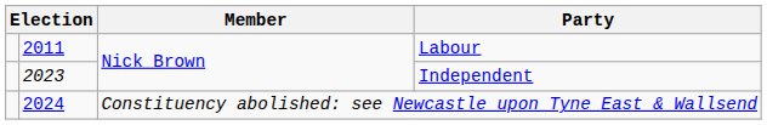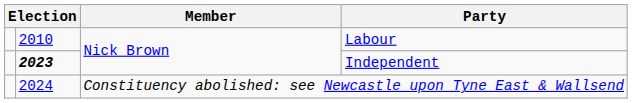 <table class="wikitable">
 <tr>
 <th colspan="2">Election</th>
 <th>Member</th>
 <th>Party</th>
 </tr>
 <tr>
 <td style="color:inherit;background-color: "></td>
-<td><a href='#'>2011</a></td>
+<td><a href='#'>2010</a></td>
 <td rowspan="2"><a href='#'>Nick Brown</a></td>
 <td><a href='#'>Labour</a></td>
 </tr>
 <tr>
 <td style="color:inherit;background-color: "></td>
-<td><em>2023</em></td>
+<td><strong><em>2023</em></strong></td>
 <td><a href='#'>Independent</a></td>
 </tr>
 <tr>
 <td></td>
 <td><a href='#'>2024</a></td>
 <td colspan="2"><em>Constituency abolished: see <a href='#'>Newcastle upon Tyne East & Wallsend</a></em></td>
 </tr>
 </table>
